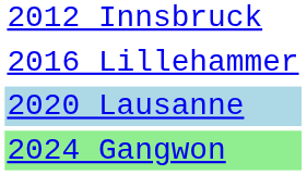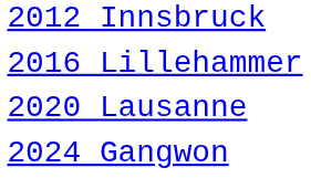 <table>
 <tr>
 <td><a href='#'>2012 Innsbruck</a><br></td>
 <td></td>
 <td></td>
 <td></td>
 </tr>
 <tr>
 <td><a href='#'>2016 Lillehammer</a><br></td>
 <td></td>
 <td></td>
 <td></td>
 </tr>
 <tr>
-<td style="background: lightblue;"><a href='#'>2020 Lausanne</a><br></td>
+<td><a href='#'>2020 Lausanne</a><br></td>
 <td></td>
 <td></td>
 <td></td>
 </tr>
 <tr>
-<td style="background: lightgreen;"><a href='#'>2024 Gangwon</a><br></td>
+<td><a href='#'>2024 Gangwon</a><br></td>
 <td></td>
 <td></td>
 <td></td>
 </tr>
 </table>
